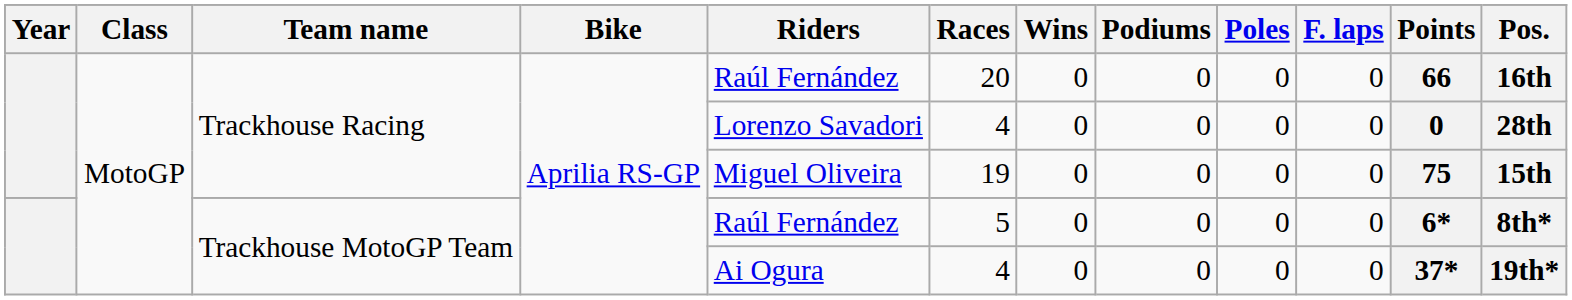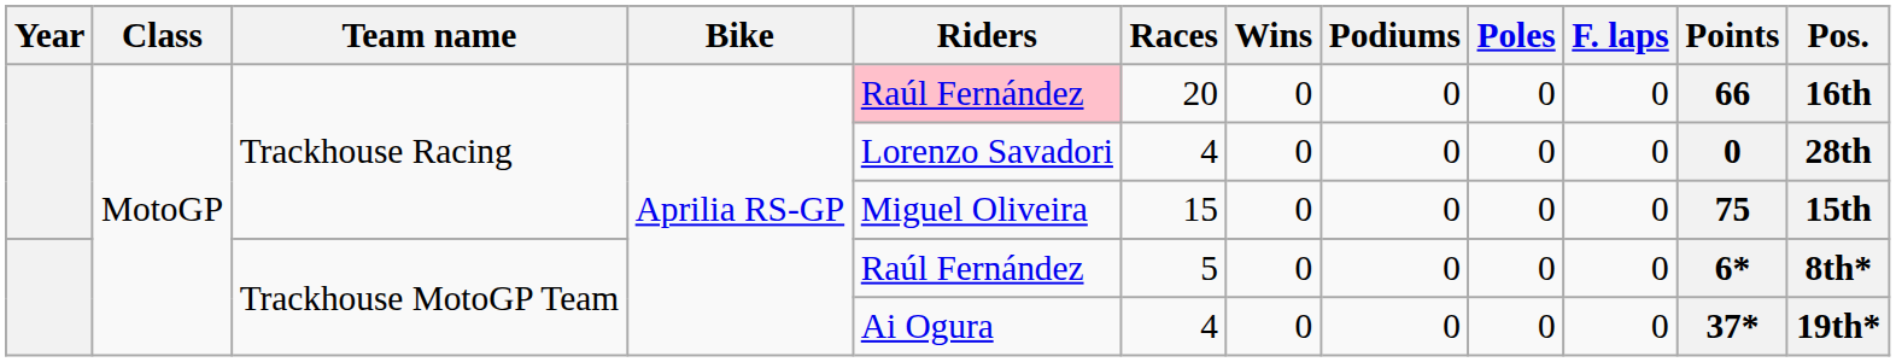 <table class="wikitable" style="text-align:right; font-size:95%">
 <tr>
 <th>Year</th>
 <th>Class</th>
 <th>Team name</th>
 <th>Bike</th>
 <th>Riders</th>
 <th>Races</th>
 <th>Wins</th>
 <th>Podiums</th>
 <th><a href='#'>Poles</a></th>
 <th><a href='#'>F. laps</a></th>
 <th>Points</th>
 <th>Pos.</th>
 </tr>
 <tr>
 <th rowspan="3"></th>
 <td rowspan="5">MotoGP</td>
 <td style="text-align:left;" rowspan="3">Trackhouse Racing</td>
 <td style="text-align:left;" rowspan="5"><a href='#'>Aprilia RS-GP</a></td>
-<td style="text-align:left;"> <a href='#'>Raúl Fernández</a></td>
+<td style="background: pink; text-align:left;"> <a href='#'>Raúl Fernández</a></td>
 <td>20</td>
 <td>0</td>
 <td>0</td>
 <td>0</td>
 <td>0</td>
 <th>66</th>
 <th>16th</th>
 </tr>
 <tr>
 <td style="text-align:left;"> <a href='#'>Lorenzo Savadori</a></td>
 <td>4</td>
 <td>0</td>
 <td>0</td>
 <td>0</td>
 <td>0</td>
 <th>0</th>
 <th>28th</th>
 </tr>
 <tr>
 <td style="text-align:left;"> <a href='#'>Miguel Oliveira</a></td>
-<td>19</td>
+<td>15</td>
 <td>0</td>
 <td>0</td>
 <td>0</td>
 <td>0</td>
 <th>75</th>
 <th>15th</th>
 </tr>
 <tr>
 <th rowspan="2"></th>
 <td style="text-align:left;" rowspan="2">Trackhouse MotoGP Team</td>
 <td style="text-align:left;"> <a href='#'>Raúl Fernández</a></td>
 <td>5</td>
 <td>0</td>
 <td>0</td>
 <td>0</td>
 <td>0</td>
 <th>6*</th>
 <th>8th*</th>
 </tr>
 <tr>
 <td style="text-align:left;"> <a href='#'>Ai Ogura</a></td>
 <td>4</td>
 <td>0</td>
 <td>0</td>
 <td>0</td>
 <td>0</td>
 <th>37*</th>
 <th>19th*</th>
 </tr>
 </table>
